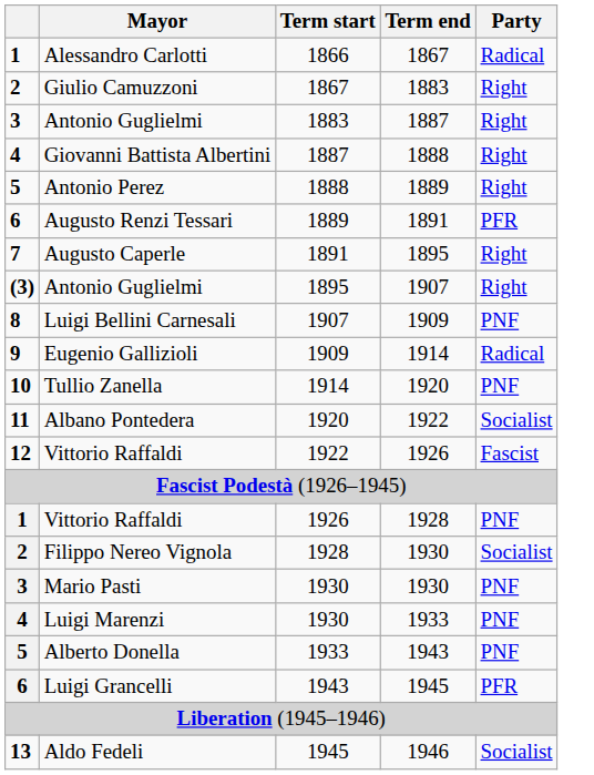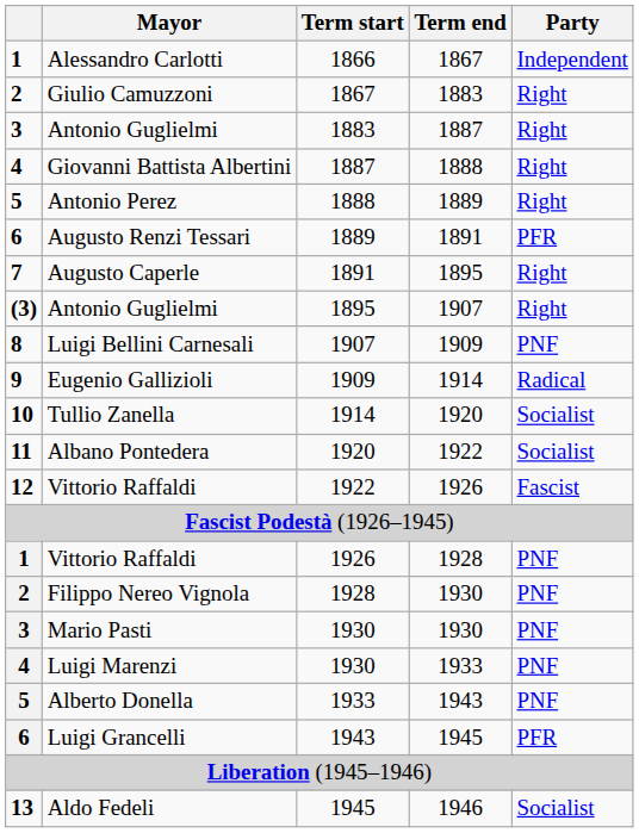 <table class="wikitable">
 <tr>
 <th class=unsortable> </th>
 <th>Mayor</th>
 <th>Term start</th>
 <th>Term end</th>
 <th>Party</th>
 </tr>
 <tr>
 <td style="background:"><strong>1</strong></td>
 <td>Alessandro Carlotti</td>
 <td align=center>1866</td>
 <td align=center>1867</td>
-<td><a href='#'>Radical</a></td>
+<td><a href='#'>Independent</a></td>
 </tr>
 <tr>
 <td style="background:"><strong>2</strong></td>
 <td>Giulio Camuzzoni</td>
 <td align=center>1867</td>
 <td align=center>1883</td>
 <td><a href='#'>Right</a></td>
 </tr>
 <tr>
 <td style="background:"><strong>3</strong></td>
 <td>Antonio Guglielmi</td>
 <td align=center>1883</td>
 <td align=center>1887</td>
 <td><a href='#'>Right</a></td>
 </tr>
 <tr>
 <td style="background:"><strong>4</strong></td>
 <td>Giovanni Battista Albertini</td>
 <td align=center>1887</td>
 <td align=center>1888</td>
 <td><a href='#'>Right</a></td>
 </tr>
 <tr>
 <td style="background:"><strong>5</strong></td>
 <td>Antonio Perez</td>
 <td align=center>1888</td>
 <td align=center>1889</td>
 <td><a href='#'>Right</a></td>
 </tr>
 <tr>
 <td style="background:"><strong>6</strong></td>
 <td>Augusto Renzi Tessari</td>
 <td align=center>1889</td>
 <td align=center>1891</td>
 <td><a href='#'>PFR</a></td>
 </tr>
 <tr>
 <td style="background:"><strong>7</strong></td>
 <td>Augusto Caperle</td>
 <td align=center>1891</td>
 <td align=center>1895</td>
 <td><a href='#'>Right</a></td>
 </tr>
 <tr>
 <td style="background:"><strong>(3)</strong></td>
 <td>Antonio Guglielmi</td>
 <td align=center>1895</td>
 <td align=center>1907</td>
 <td><a href='#'>Right</a></td>
 </tr>
 <tr>
 <td style="background:"><strong>8</strong></td>
 <td>Luigi Bellini Carnesali</td>
 <td align=center>1907</td>
 <td align=center>1909</td>
 <td><a href='#'>PNF</a></td>
 </tr>
 <tr>
 <td style="background:"><strong>9</strong></td>
 <td>Eugenio Gallizioli</td>
 <td align=center>1909</td>
 <td align=center>1914</td>
 <td><a href='#'>Radical</a></td>
 </tr>
 <tr>
 <td style="background:"><strong>10</strong></td>
 <td>Tullio Zanella</td>
 <td align=center>1914</td>
 <td align=center>1920</td>
-<td><a href='#'>PNF</a></td>
+<td><a href='#'>Socialist</a></td>
 </tr>
 <tr>
 <td style="background:"><strong>11</strong></td>
 <td>Albano Pontedera</td>
 <td align=center>1920</td>
 <td align=center>1922</td>
 <td><a href='#'>Socialist</a></td>
 </tr>
 <tr>
 <td style="background:"><strong>12</strong></td>
 <td>Vittorio Raffaldi</td>
 <td align=center>1922</td>
 <td align=center>1926</td>
 <td><a href='#'>Fascist</a></td>
 </tr>
 <tr>
 <td colspan="8" bgcolor="lightgrey" align=center><strong><a href='#'>Fascist Podestà</a></strong> (1926–1945)</td>
 </tr>
 <tr>
 <th rowspan=1 style="background:">1</th>
 <td>Vittorio Raffaldi</td>
 <td align=center>1926</td>
 <td align=center>1928</td>
 <td><a href='#'>PNF</a></td>
 </tr>
 <tr>
 <th rowspan=1 style="background:">2</th>
 <td>Filippo Nereo Vignola</td>
 <td align=center>1928</td>
 <td align=center>1930</td>
-<td><a href='#'>Socialist</a></td>
+<td><a href='#'>PNF</a></td>
 </tr>
 <tr>
 <th rowspan=1 style="background:">3</th>
 <td>Mario Pasti</td>
 <td align=center>1930</td>
 <td align=center>1930</td>
 <td><a href='#'>PNF</a></td>
 </tr>
 <tr>
 <th rowspan=1 style="background:">4</th>
 <td>Luigi Marenzi</td>
 <td align=center>1930</td>
 <td align=center>1933</td>
 <td><a href='#'>PNF</a></td>
 </tr>
 <tr>
 <th rowspan=1 style="background:">5</th>
 <td>Alberto Donella</td>
 <td align=center>1933</td>
 <td align=center>1943</td>
 <td><a href='#'>PNF</a></td>
 </tr>
 <tr>
 <th rowspan=1 style="background:">6</th>
 <td>Luigi Grancelli</td>
 <td align=center>1943</td>
 <td align=center>1945</td>
 <td><a href='#'>PFR</a></td>
 </tr>
 <tr>
 <td colspan="8" bgcolor="lightgrey" align=center><strong><a href='#'>Liberation</a></strong> (1945–1946)</td>
 </tr>
 <tr>
 <td style="background:"><strong>13</strong></td>
 <td>Aldo Fedeli</td>
 <td align=center>1945</td>
 <td align=center>1946</td>
 <td><a href='#'>Socialist</a></td>
 </tr>
 </table>
